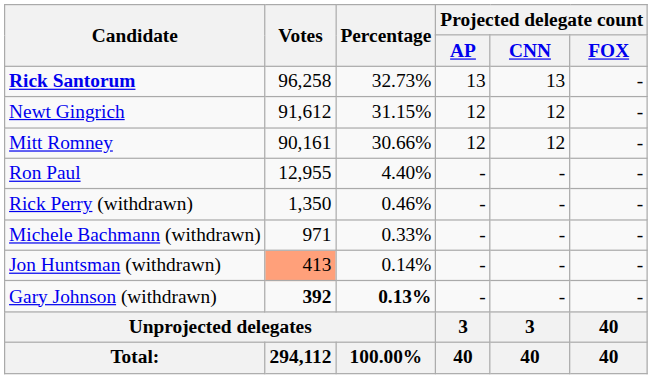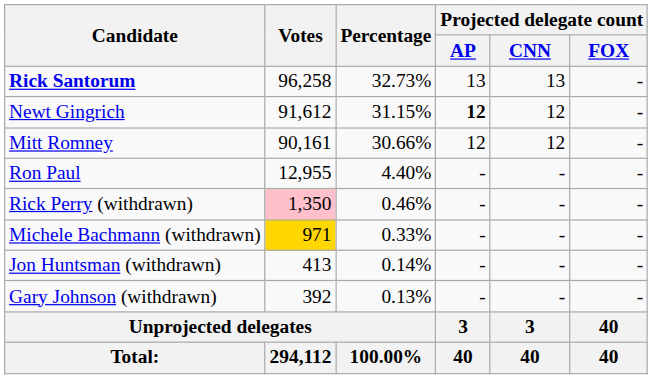 <table class="wikitable" style="text-align:right;">
 <tr>
 <th rowspan="2">Candidate</th>
 <th rowspan="2">Votes</th>
 <th rowspan="2">Percentage</th>
 <th colspan="3">Projected delegate count</th>
 </tr>
 <tr>
 <th><a href='#'>AP</a></th>
 <th><a href='#'>CNN</a></th>
 <th><a href='#'>FOX</a></th>
 </tr>
 <tr>
 <td style="text-align:left;"> <strong><a href='#'>Rick Santorum</a></strong></td>
 <td>96,258</td>
 <td>32.73%</td>
 <td>13</td>
 <td>13</td>
 <td>-</td>
 </tr>
 <tr>
 <td style="text-align:left;"><a href='#'>Newt Gingrich</a></td>
 <td>91,612</td>
 <td>31.15%</td>
-<td>12</td>
+<td><strong>12</strong></td>
 <td>12</td>
 <td>-</td>
 </tr>
 <tr>
 <td style="text-align:left;"><a href='#'>Mitt Romney</a></td>
 <td>90,161</td>
 <td>30.66%</td>
 <td>12</td>
 <td>12</td>
 <td>-</td>
 </tr>
 <tr>
 <td style="text-align:left;"><a href='#'>Ron Paul</a></td>
 <td>12,955</td>
 <td>4.40%</td>
 <td>-</td>
 <td>-</td>
 <td>-</td>
 </tr>
 <tr>
 <td style="text-align:left;"><a href='#'>Rick Perry</a> (withdrawn)</td>
-<td>1,350</td>
+<td style="background: pink;">1,350</td>
 <td>0.46%</td>
 <td>-</td>
 <td>-</td>
 <td>-</td>
 </tr>
 <tr>
 <td style="text-align:left;"><a href='#'>Michele Bachmann</a> (withdrawn)</td>
-<td>971</td>
+<td style="background: gold;">971</td>
 <td>0.33%</td>
 <td>-</td>
 <td>-</td>
 <td>-</td>
 </tr>
 <tr>
 <td style="text-align:left;"><a href='#'>Jon Huntsman</a> (withdrawn)</td>
-<td style="background: lightsalmon;">413</td>
+<td>413</td>
 <td>0.14%</td>
 <td>-</td>
 <td>-</td>
 <td>-</td>
 </tr>
 <tr>
 <td style="text-align:left;"><a href='#'>Gary Johnson</a> (withdrawn)</td>
-<td><strong>392</strong></td>
-<td><strong>0.13%</strong></td>
+<td>392</td>
+<td>0.13%</td>
 <td>-</td>
 <td>-</td>
 <td>-</td>
 </tr>
 <tr style="background:#eee;">
 <th colspan="3">Unprojected delegates</th>
 <th>3</th>
 <th>3</th>
 <th>40</th>
 </tr>
 <tr style="background:#eee;">
 <th>Total:</th>
 <th>294,112</th>
 <th>100.00%</th>
 <th>40</th>
 <th>40</th>
 <th>40</th>
 </tr>
 </table>
